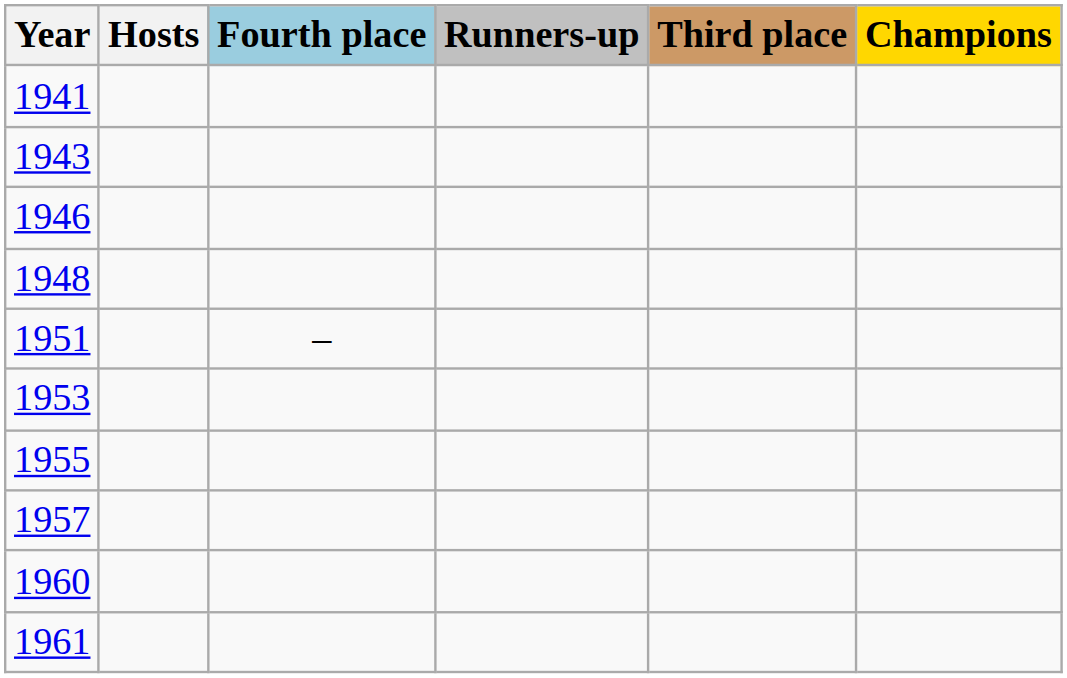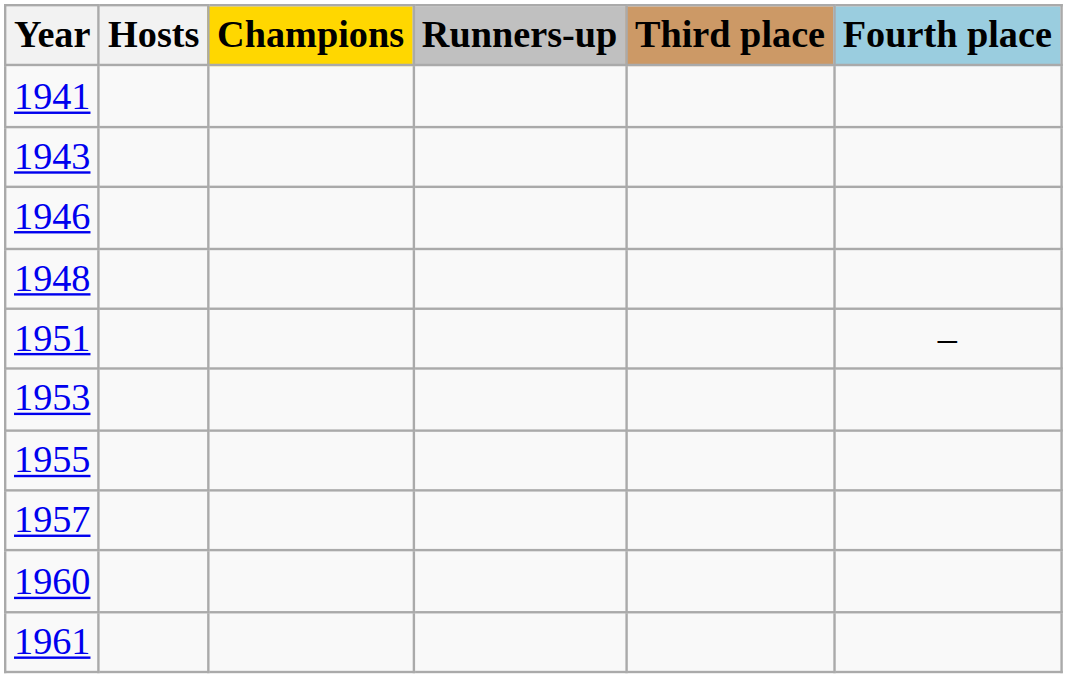 <table class="wikitable" style="text-align: center;">
 <tr>
 <th>Year</th>
 <th>Hosts</th>
-<th style="background:#9acddf">Fourth place</th>
+<th style="background:gold">Champions</th>
 <th style="background:silver">Runners-up</th>
 <th style="background:#c96">Third place</th>
-<th style="background:gold">Champions</th>
+<th style="background:#9acddf">Fourth place</th>
 </tr>
 <tr>
 <td><a href='#'>1941</a></td>
 <td></td>
 <td></td>
 <td></td>
 <td></td>
 <td></td>
 </tr>
 <tr>
 <td><a href='#'>1943</a></td>
 <td></td>
 <td></td>
 <td></td>
 <td></td>
 <td></td>
 </tr>
 <tr>
 <td><a href='#'>1946</a></td>
 <td></td>
 <td></td>
 <td></td>
 <td></td>
 <td></td>
 </tr>
 <tr>
 <td><a href='#'>1948</a></td>
 <td></td>
 <td></td>
 <td></td>
 <td></td>
 <td></td>
 </tr>
 <tr>
 <td><a href='#'>1951</a></td>
 <td></td>
-<td>–</td>
 <td></td>
 <td></td>
 <td></td>
+<td>–</td>
 </tr>
 <tr>
 <td><a href='#'>1953</a></td>
 <td></td>
 <td></td>
 <td></td>
 <td></td>
 <td></td>
 </tr>
 <tr>
 <td><a href='#'>1955</a></td>
 <td></td>
 <td></td>
 <td></td>
 <td></td>
 <td></td>
 </tr>
 <tr>
 <td><a href='#'>1957</a></td>
 <td></td>
 <td></td>
 <td></td>
 <td></td>
 <td></td>
 </tr>
 <tr>
 <td><a href='#'>1960</a></td>
 <td></td>
 <td></td>
 <td></td>
 <td></td>
 <td></td>
 </tr>
 <tr>
 <td><a href='#'>1961</a></td>
 <td></td>
 <td></td>
 <td></td>
 <td></td>
 <td></td>
 </tr>
 </table>
